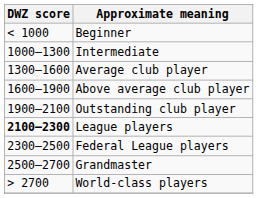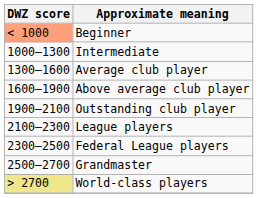 <table class="wikitable">
 <tr>
 <th>DWZ score</th>
 <th>Approximate meaning</th>
 </tr>
 <tr>
-<td>< 1000</td>
+<td style="background: lightsalmon;">< 1000</td>
 <td colspan="2">Beginner</td>
 </tr>
 <tr>
 <td>1000–1300</td>
 <td colspan="2">Intermediate</td>
 </tr>
 <tr>
 <td>1300–1600</td>
 <td colspan="2">Average club player</td>
 </tr>
 <tr>
 <td>1600–1900</td>
 <td colspan="2">Above average club player</td>
 </tr>
 <tr>
 <td>1900–2100</td>
 <td colspan="2">Outstanding club player</td>
 </tr>
 <tr>
-<td><strong>2100–2300</strong></td>
+<td>2100–2300</td>
 <td colspan="2">League players</td>
 </tr>
 <tr>
 <td>2300–2500</td>
 <td colspan="2">Federal League players</td>
 </tr>
 <tr>
 <td>2500–2700</td>
 <td colspan="2">Grandmaster</td>
 </tr>
 <tr>
-<td>> 2700</td>
+<td style="background: khaki;">> 2700</td>
 <td colspan="2">World-class players</td>
 </tr>
 <tr>
 </tr>
 </table>
